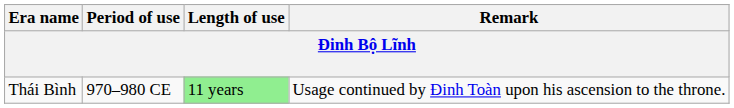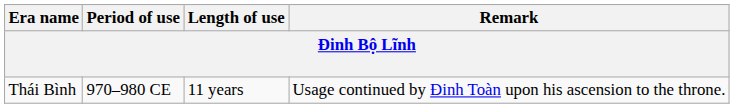 <table class="wikitable">
 <tr>
 <th>Era name</th>
 <th>Period of use</th>
 <th>Length of use</th>
 <th>Remark</th>
 </tr>
 <tr>
 <th colspan="4"><a href='#'>Đinh Bộ Lĩnh</a><br><br></th>
 </tr>
 <tr>
 <td>Thái Bình<br></td>
 <td>970–980 CE</td>
-<td style="background: lightgreen;">11 years</td>
+<td>11 years</td>
 <td>Usage continued by <a href='#'>Đinh Toàn</a> upon his ascension to the throne.</td>
 </tr>
 </table>
